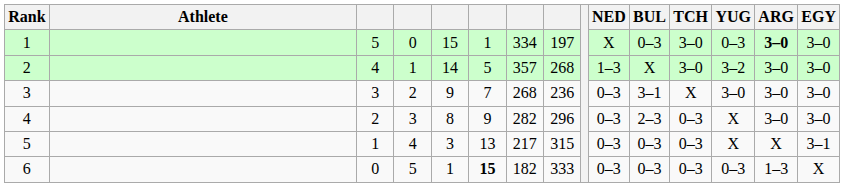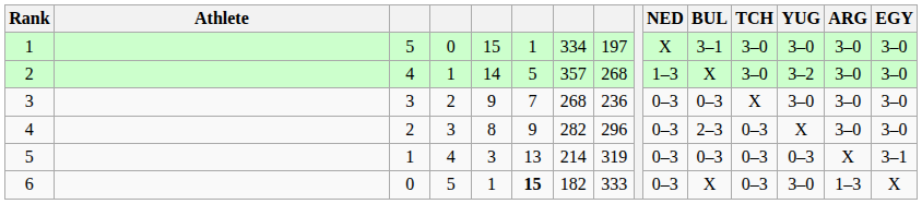 <table class="wikitable" style="text-align:center">
 <tr>
 <th>Rank</th>
 <th width=300>Athlete</th>
 <th width=30></th>
 <th width=30></th>
 <th width=30></th>
 <th width=30></th>
 <th width=30></th>
 <th width=30></th>
 <th rowspan=7></th>
 <th width=30>NED</th>
 <th width=30>BUL</th>
 <th width=30>TCH</th>
 <th width=30>YUG</th>
 <th width=30>ARG</th>
 <th width=30>EGY</th>
 </tr>
 <tr style="background-color:#ccffcc;">
 <td>1</td>
 <td align=left></td>
 <td>5</td>
 <td>0</td>
 <td>15</td>
 <td>1</td>
 <td>334</td>
 <td>197</td>
 <td>X</td>
-<td>0–3</td>
+<td>3–1</td>
 <td>3–0</td>
-<td>0–3</td>
-<td><strong>3–0</strong></td>
+<td>3–0</td>
+<td>3–0</td>
 <td>3–0</td>
 </tr>
 <tr style="background-color:#ccffcc;">
 <td>2</td>
 <td align=left></td>
 <td>4</td>
 <td>1</td>
 <td>14</td>
 <td>5</td>
 <td>357</td>
 <td>268</td>
 <td>1–3</td>
 <td>X</td>
 <td>3–0</td>
 <td>3–2</td>
 <td>3–0</td>
 <td>3–0</td>
 </tr>
 <tr>
 <td>3</td>
 <td align=left></td>
 <td>3</td>
 <td>2</td>
 <td>9</td>
 <td>7</td>
 <td>268</td>
 <td>236</td>
 <td>0–3</td>
-<td>3–1</td>
+<td>0–3</td>
 <td>X</td>
 <td>3–0</td>
 <td>3–0</td>
 <td>3–0</td>
 </tr>
 <tr>
 <td>4</td>
 <td align=left></td>
 <td>2</td>
 <td>3</td>
 <td>8</td>
 <td>9</td>
 <td>282</td>
 <td>296</td>
 <td>0–3</td>
 <td>2–3</td>
 <td>0–3</td>
 <td>X</td>
 <td>3–0</td>
 <td>3–0</td>
 </tr>
 <tr>
 <td>5</td>
 <td align=left></td>
 <td>1</td>
 <td>4</td>
 <td>3</td>
 <td>13</td>
-<td>217</td>
-<td>315</td>
+<td>214</td>
+<td>319</td>
 <td>0–3</td>
 <td>0–3</td>
 <td>0–3</td>
-<td>X</td>
+<td>0–3</td>
 <td>X</td>
 <td>3–1</td>
 </tr>
 <tr>
 <td>6</td>
 <td align=left></td>
 <td>0</td>
 <td>5</td>
 <td>1</td>
 <td><strong>15</strong></td>
 <td>182</td>
 <td>333</td>
 <td>0–3</td>
+<td>X</td>
 <td>0–3</td>
-<td>0–3</td>
-<td>0–3</td>
+<td>3–0</td>
 <td>1–3</td>
 <td>X</td>
 </tr>
 </table>
